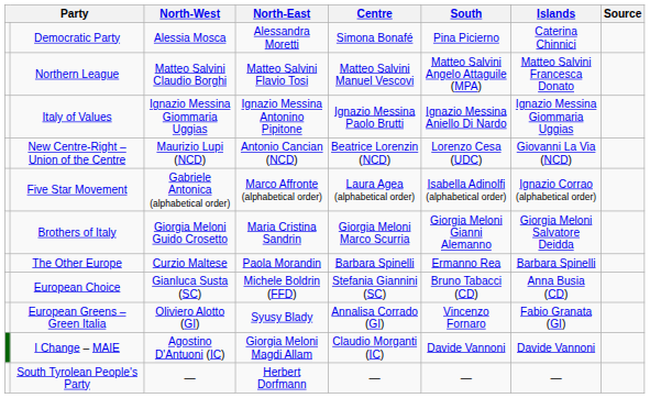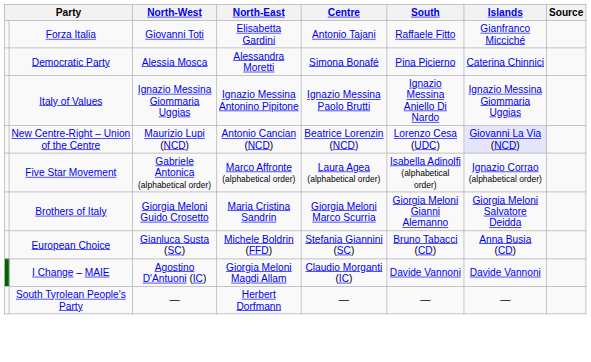 <table class="wikitable" style="text-align:center;font-size:95%">
 <tr>
 <th colspan=2>Party</th>
 <th><a href='#'>North-West</a></th>
 <th><a href='#'>North-East</a></th>
 <th><a href='#'>Centre</a></th>
 <th><a href='#'>South</a></th>
 <th><a href='#'>Islands</a></th>
 <th>Source</th>
 </tr>
 <tr>
 <td></td>
+<td><a href='#'>Forza Italia</a></td>
+<td><a href='#'>Giovanni Toti</a></td>
+<td><a href='#'>Elisabetta Gardini</a></td>
+<td><a href='#'>Antonio Tajani</a></td>
+<td><a href='#'>Raffaele Fitto</a></td>
+<td><a href='#'>Gianfranco Micciché</a></td>
+<td></td>
+</tr>
+<tr>
+<td></td>
 <td><a href='#'>Democratic Party</a></td>
 <td><a href='#'>Alessia Mosca</a></td>
 <td><a href='#'>Alessandra Moretti</a></td>
 <td><a href='#'>Simona Bonafé</a></td>
 <td><a href='#'>Pina Picierno</a></td>
 <td><a href='#'>Caterina Chinnici</a></td>
-<td></td>
-</tr>
-<tr>
-<td></td>
-<td><a href='#'>Northern League</a></td>
-<td><a href='#'>Matteo Salvini</a><br><a href='#'>Claudio Borghi</a></td>
-<td><a href='#'>Matteo Salvini</a><br><a href='#'>Flavio Tosi</a></td>
-<td><a href='#'>Matteo Salvini</a><br><a href='#'>Manuel Vescovi</a></td>
-<td><a href='#'>Matteo Salvini</a><br><a href='#'>Angelo Attaguile</a> (<a href='#'>MPA</a>)</td>
-<td><a href='#'>Matteo Salvini</a><br><a href='#'>Francesca Donato</a></td>
 <td></td>
 </tr>
 <tr>
 <td></td>
 <td><a href='#'>Italy of Values</a></td>
 <td><a href='#'>Ignazio Messina</a><br><a href='#'>Giommaria Uggias</a></td>
 <td><a href='#'>Ignazio Messina</a><br><a href='#'>Antonino Pipitone</a></td>
 <td><a href='#'>Ignazio Messina</a><br><a href='#'>Paolo Brutti</a></td>
 <td><a href='#'>Ignazio Messina</a><br><a href='#'>Aniello Di Nardo</a></td>
 <td><a href='#'>Ignazio Messina</a><br><a href='#'>Giommaria Uggias</a></td>
 <td></td>
 </tr>
 <tr>
 <td></td>
 <td><a href='#'>New Centre-Right – Union of the Centre</a></td>
 <td><a href='#'>Maurizio Lupi</a> (<a href='#'>NCD</a>)</td>
 <td><a href='#'>Antonio Cancian</a> (<a href='#'>NCD</a>)</td>
 <td><a href='#'>Beatrice Lorenzin</a> (<a href='#'>NCD</a>)</td>
 <td><a href='#'>Lorenzo Cesa</a> (<a href='#'>UDC</a>)</td>
-<td><a href='#'>Giovanni La Via</a> (<a href='#'>NCD</a>)</td>
+<td style="background: lavender;"><a href='#'>Giovanni La Via</a> (<a href='#'>NCD</a>)</td>
 <td></td>
 </tr>
 <tr>
 <td></td>
 <td><a href='#'>Five Star Movement</a></td>
 <td><a href='#'>Gabriele Antonica</a><br><small>(alphabetical order)</small></td>
 <td><a href='#'>Marco Affronte</a><br><small>(alphabetical order)</small></td>
 <td><a href='#'>Laura Agea</a><br><small>(alphabetical order)</small></td>
 <td><a href='#'>Isabella Adinolfi</a><br><small>(alphabetical order)</small></td>
 <td><a href='#'>Ignazio Corrao</a><br><small>(alphabetical order)</small></td>
 <td></td>
 </tr>
 <tr>
 <td></td>
 <td><a href='#'>Brothers of Italy</a></td>
 <td><a href='#'>Giorgia Meloni</a><br><a href='#'>Guido Crosetto</a></td>
 <td><a href='#'>Maria Cristina Sandrin</a></td>
 <td><a href='#'>Giorgia Meloni</a><br><a href='#'>Marco Scurria</a></td>
 <td><a href='#'>Giorgia Meloni</a><br><a href='#'>Gianni Alemanno</a></td>
 <td><a href='#'>Giorgia Meloni</a><br><a href='#'>Salvatore Deidda</a></td>
 <td></td>
 </tr>
 <tr>
 <td></td>
-<td><a href='#'>The Other Europe</a></td>
-<td><a href='#'>Curzio Maltese</a></td>
-<td><a href='#'>Paola Morandin</a></td>
-<td><a href='#'>Barbara Spinelli</a></td>
-<td><a href='#'>Ermanno Rea</a></td>
-<td><a href='#'>Barbara Spinelli</a></td>
-<td></td>
-</tr>
-<tr>
-<td></td>
 <td><a href='#'>European Choice</a></td>
 <td><a href='#'>Gianluca Susta</a> <br> (<a href='#'>SC</a>)</td>
 <td><a href='#'>Michele Boldrin</a> <br> (<a href='#'>FFD</a>)</td>
 <td><a href='#'>Stefania Giannini</a> <br> (<a href='#'>SC</a>)</td>
 <td><a href='#'>Bruno Tabacci</a> <br> (<a href='#'>CD</a>)</td>
 <td><a href='#'>Anna Busia</a> <br> (<a href='#'>CD</a>)</td>
-<td></td>
-</tr>
-<tr>
-<td></td>
-<td><a href='#'>European Greens – Green Italia</a></td>
-<td><a href='#'>Oliviero Alotto</a> (<a href='#'>GI</a>)</td>
-<td><a href='#'>Syusy Blady</a></td>
-<td><a href='#'>Annalisa Corrado</a> (<a href='#'>GI</a>)</td>
-<td><a href='#'>Vincenzo Fornaro</a></td>
-<td><a href='#'>Fabio Granata</a> (<a href='#'>GI</a>)</td>
 <td></td>
 </tr>
 <tr>
 <td style="background:darkgreen;"></td>
 <td><a href='#'>I Change</a> – <a href='#'>MAIE</a></td>
 <td><a href='#'>Agostino D'Antuoni</a> (<a href='#'>IC</a>)</td>
 <td><a href='#'>Giorgia Meloni</a><br><a href='#'>Magdi Allam</a></td>
 <td><a href='#'>Claudio Morganti</a> (<a href='#'>IC</a>)</td>
 <td><a href='#'>Davide Vannoni</a></td>
 <td><a href='#'>Davide Vannoni</a></td>
 <td></td>
 </tr>
 <tr>
 <td></td>
 <td><a href='#'>South Tyrolean People's Party</a></td>
 <td>—</td>
 <td><a href='#'>Herbert Dorfmann</a></td>
 <td>—</td>
 <td>—</td>
 <td>—</td>
 <td></td>
 </tr>
 </table>
